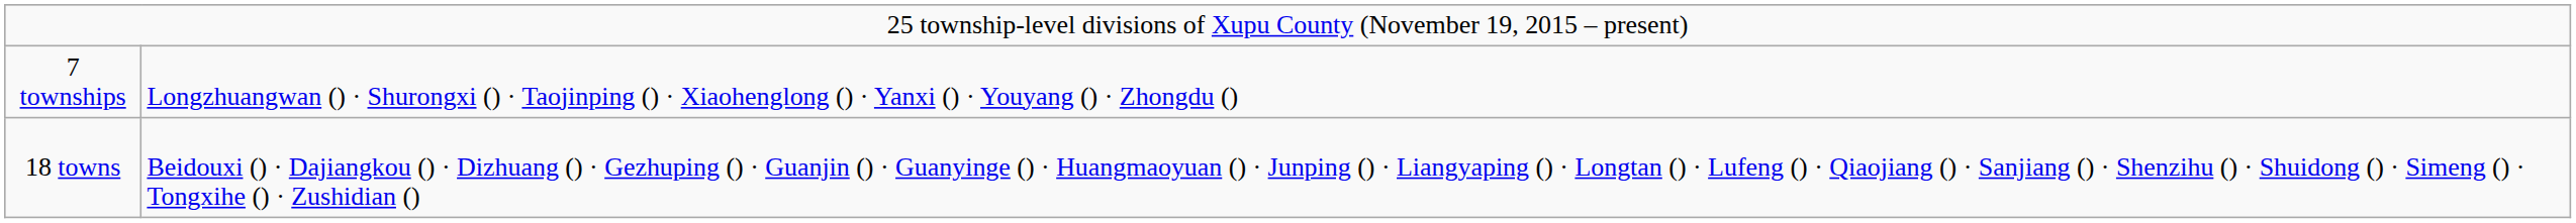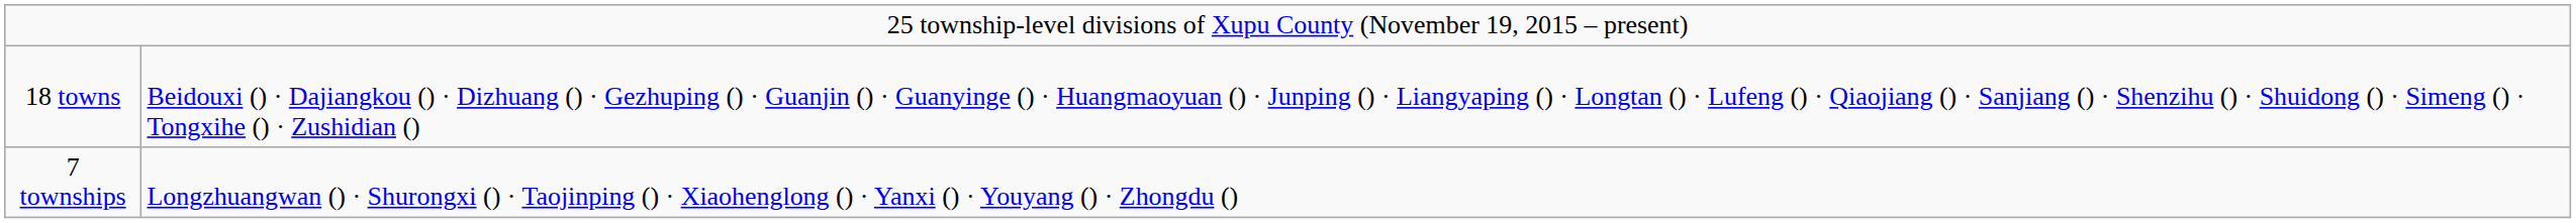 <table class="wikitable">
 <tr>
 <td style="text-align:center;" colspan="2">25 township-level divisions of <a href='#'>Xupu County</a> (November 19, 2015 – present)</td>
 </tr>
 <tr align=left>
+<td align=center>18 <a href='#'>towns</a></td>
+<td><br><a href='#'>Beidouxi</a> () · <a href='#'>Dajiangkou</a> () · <a href='#'>Dizhuang</a> () · <a href='#'>Gezhuping</a> () · <a href='#'>Guanjin</a> () · <a href='#'>Guanyinge</a> () · <a href='#'>Huangmaoyuan</a> () · <a href='#'>Junping</a> () · <a href='#'>Liangyaping</a> () · <a href='#'>Longtan</a> () · <a href='#'>Lufeng</a> () · <a href='#'>Qiaojiang</a> () · <a href='#'>Sanjiang</a> () · <a href='#'>Shenzihu</a> () · <a href='#'>Shuidong</a> () · <a href='#'>Simeng</a> () · <a href='#'>Tongxihe</a> () · <a href='#'>Zushidian</a> ()</td>
+</tr>
+<tr align=left>
 <td align=center>7 <a href='#'>townships</a></td>
 <td><br><a href='#'>Longzhuangwan</a> () · <a href='#'>Shurongxi</a> () · <a href='#'>Taojinping</a> () · <a href='#'>Xiaohenglong</a> () · <a href='#'>Yanxi</a> () · <a href='#'>Youyang</a> () · <a href='#'>Zhongdu</a> ()</td>
 </tr>
-<tr align=left>
-<td align=center>18 <a href='#'>towns</a></td>
-<td><br><a href='#'>Beidouxi</a> () · <a href='#'>Dajiangkou</a> () · <a href='#'>Dizhuang</a> () · <a href='#'>Gezhuping</a> () · <a href='#'>Guanjin</a> () · <a href='#'>Guanyinge</a> () · <a href='#'>Huangmaoyuan</a> () · <a href='#'>Junping</a> () · <a href='#'>Liangyaping</a> () · <a href='#'>Longtan</a> () · <a href='#'>Lufeng</a> () · <a href='#'>Qiaojiang</a> () · <a href='#'>Sanjiang</a> () · <a href='#'>Shenzihu</a> () · <a href='#'>Shuidong</a> () · <a href='#'>Simeng</a> () · <a href='#'>Tongxihe</a> () · <a href='#'>Zushidian</a> ()</td>
-</tr>
 </table>
